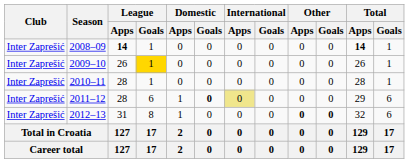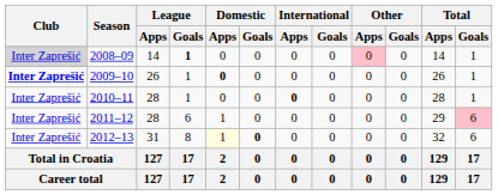 <table class="wikitable" style="font-size:90%; text-align:center;">
 <tr>
 <th rowspan="2">Club</th>
 <th rowspan="2">Season</th>
 <th colspan="2">League</th>
 <th colspan="2">Domestic</th>
 <th colspan="2">International</th>
 <th colspan="2">Other</th>
 <th colspan="2">Total</th>
 </tr>
 <tr>
 <th>Apps</th>
 <th>Goals</th>
 <th>Apps</th>
 <th>Goals</th>
 <th>Apps</th>
 <th>Goals</th>
 <th>Apps</th>
 <th>Goals</th>
 <th>Apps</th>
 <th>Goals</th>
 </tr>
 <tr>
-<td rowspan="1"><a href='#'>Inter Zaprešić</a></td>
+<td rowspan="1" style="background: lightgrey;"><a href='#'>Inter Zaprešić</a></td>
 <td><a href='#'>2008–09</a></td>
-<td><strong>14</strong></td>
-<td>1</td>
+<td>14</td>
+<td><strong>1</strong></td>
 <td>0</td>
 <td>0</td>
 <td>0</td>
 <td>0</td>
+<td style="background: pink;">0</td>
 <td>0</td>
-<td>0</td>
-<td><strong>14</strong></td>
+<td>14</td>
 <td>1</td>
 </tr>
 <tr>
-<td rowspan="1"><a href='#'>Inter Zaprešić</a></td>
+<td rowspan="1"><strong><a href='#'>Inter Zaprešić</a></strong></td>
 <td><a href='#'>2009–10</a></td>
 <td>26</td>
-<td style="background: gold;">1</td>
-<td>0</td>
+<td>1</td>
+<td><strong>0</strong></td>
 <td>0</td>
 <td>0</td>
 <td>0</td>
 <td>0</td>
 <td>0</td>
 <td>26</td>
 <td>1</td>
 </tr>
 <tr>
 <td rowspan="1"><a href='#'>Inter Zaprešić</a></td>
 <td><a href='#'>2010–11</a></td>
 <td>28</td>
 <td>1</td>
 <td>0</td>
 <td>0</td>
-<td>0</td>
+<td><strong>0</strong></td>
 <td>0</td>
 <td>0</td>
 <td>0</td>
 <td>28</td>
 <td>1</td>
 </tr>
 <tr>
 <td rowspan="1"><a href='#'>Inter Zaprešić</a></td>
 <td><a href='#'>2011–12</a></td>
 <td>28</td>
 <td>6</td>
 <td>1</td>
-<td><strong>0</strong></td>
-<td style="background: khaki;">0</td>
+<td>0</td>
+<td>0</td>
 <td>0</td>
 <td>0</td>
 <td>0</td>
 <td>29</td>
-<td>6</td>
+<td style="background: pink;">6</td>
 </tr>
 <tr>
 <td rowspan="1"><a href='#'>Inter Zaprešić</a></td>
 <td><a href='#'>2012–13</a></td>
 <td>31</td>
 <td>8</td>
-<td>1</td>
+<td style="background: lightyellow;">1</td>
+<td><strong>0</strong></td>
 <td>0</td>
 <td>0</td>
 <td>0</td>
-<td><strong>0</strong></td>
-<td><strong>0</strong></td>
+<td>0</td>
 <td>32</td>
 <td>6</td>
 </tr>
 <tr>
 <th colspan="2">Total in Croatia</th>
 <th>127</th>
 <th>17</th>
 <th>2</th>
 <th>0</th>
 <th>0</th>
 <th>0</th>
 <th>0</th>
 <th>0</th>
 <th>129</th>
 <th>17</th>
 </tr>
 <tr>
 <th colspan="2">Career total</th>
 <th>127</th>
 <th>17</th>
 <th>2</th>
 <th>0</th>
 <th>0</th>
 <th>0</th>
 <th>0</th>
 <th>0</th>
 <th>129</th>
 <th>17</th>
 </tr>
 </table>
